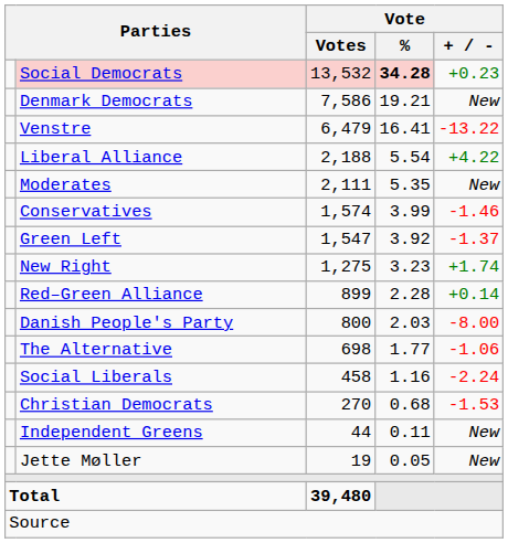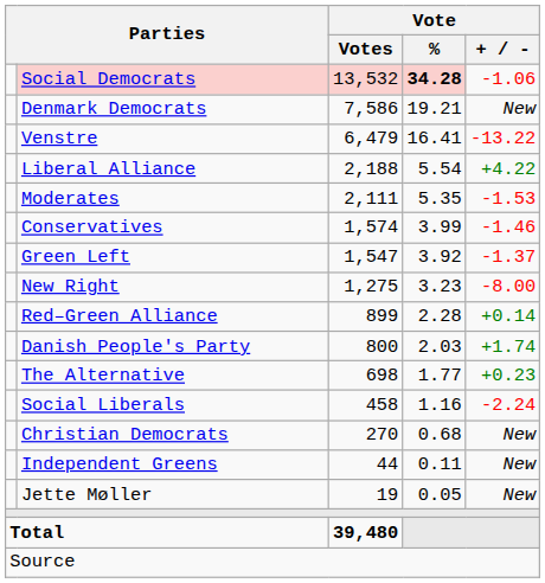 <table class="wikitable" style="text-align:right;">
 <tr>
 <th style="text-align:centre;" rowspan="2" colspan="2" width="225">Parties</th>
 <th colspan="3">Vote</th>
 </tr>
 <tr>
 <th width="15">Votes</th>
 <th width="15">%</th>
 <th width="15">+ / -</th>
 </tr>
 <tr>
 <td width="2" style="color:inherit;background:"></td>
 <td bgcolor=#fbd0ce  align="left"><a href='#'>Social Democrats</a></td>
 <td bgcolor=#fbd0ce>13,532</td>
 <td bgcolor=#fbd0ce><strong>34.28</strong></td>
-<td style=color:green;>+0.23</td>
+<td style=color:red;>-1.06</td>
 </tr>
 <tr>
 <td width="2" style="color:inherit;background:"></td>
 <td align="left"><a href='#'>Denmark Democrats</a></td>
 <td>7,586</td>
 <td>19.21</td>
 <td><em>New</em></td>
 </tr>
 <tr>
 <td width="2" style="color:inherit;background:"></td>
 <td align="left"><a href='#'>Venstre</a></td>
 <td>6,479</td>
 <td>16.41</td>
 <td style=color:red;>-13.22</td>
 </tr>
 <tr>
 <td width="2" style="color:inherit;background:"></td>
 <td align="left"><a href='#'>Liberal Alliance</a></td>
 <td>2,188</td>
 <td>5.54</td>
 <td style=color:green;>+4.22</td>
 </tr>
 <tr>
 <td width="2" style="color:inherit;background:"></td>
 <td align="left"><a href='#'>Moderates</a></td>
 <td>2,111</td>
 <td>5.35</td>
-<td><em>New</em></td>
+<td style=color:red;>-1.53</td>
 </tr>
 <tr>
 <td width="2" style="color:inherit;background:"></td>
 <td align="left"><a href='#'>Conservatives</a></td>
 <td>1,574</td>
 <td>3.99</td>
 <td style=color:red;>-1.46</td>
 </tr>
 <tr>
 <td width="2" style="color:inherit;background:"></td>
 <td align="left"><a href='#'>Green Left</a></td>
 <td>1,547</td>
 <td>3.92</td>
 <td style=color:red;>-1.37</td>
 </tr>
 <tr>
 <td width="2" style="color:inherit;background:"></td>
 <td align="left"><a href='#'>New Right</a></td>
 <td>1,275</td>
 <td>3.23</td>
-<td style=color:green;>+1.74</td>
+<td style=color:red;>-8.00</td>
 </tr>
 <tr>
 <td width="2" style="color:inherit;background:"></td>
 <td align="left"><a href='#'>Red–Green Alliance</a></td>
 <td>899</td>
 <td>2.28</td>
 <td style=color:green;>+0.14</td>
 </tr>
 <tr>
 <td width="2" style="color:inherit;background:"></td>
 <td align="left"><a href='#'>Danish People's Party</a></td>
 <td>800</td>
 <td>2.03</td>
-<td style=color:red;>-8.00</td>
+<td style=color:green;>+1.74</td>
 </tr>
 <tr>
 <td width="2" style="color:inherit;background:"></td>
 <td align="left"><a href='#'>The Alternative</a></td>
 <td>698</td>
 <td>1.77</td>
-<td style=color:red;>-1.06</td>
+<td style=color:green;>+0.23</td>
 </tr>
 <tr>
 <td width="2" style="color:inherit;background:"></td>
 <td align="left"><a href='#'>Social Liberals</a></td>
 <td>458</td>
 <td>1.16</td>
 <td style=color:red;>-2.24</td>
 </tr>
 <tr>
 <td width="2" style="color:inherit;background:"></td>
 <td align="left"><a href='#'>Christian Democrats</a></td>
 <td>270</td>
 <td>0.68</td>
-<td style=color:red;>-1.53</td>
+<td><em>New</em></td>
 </tr>
 <tr>
 <td width="2" style="color:inherit;background:"></td>
 <td align="left"><a href='#'>Independent Greens</a></td>
 <td>44</td>
 <td>0.11</td>
 <td><em>New</em></td>
 </tr>
 <tr>
 <td width="2" style="color:inherit;background:"></td>
 <td align="left">Jette Møller</td>
 <td>19</td>
 <td>0.05</td>
 <td><em>New</em></td>
 </tr>
 <tr>
 <td colspan="7" bgcolor="#E9E9E9"></td>
 </tr>
 <tr>
 <td align="left" colspan="2"><strong>Total</strong></td>
 <td><strong>39,480</strong></td>
 <td bgcolor="#E9E9E9" colspan="2"></td>
 </tr>
 <tr>
 <td align="left" colspan="6">Source</td>
 </tr>
 </table>
